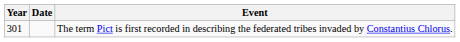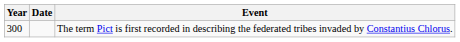 <table class="wikitable">
 <tr>
 <th style="width:6en">Year</th>
 <th style="width:15en">Date</th>
 <th>Event</th>
 </tr>
 <tr>
-<td>301</td>
+<td>300</td>
 <td></td>
 <td>The term <a href='#'>Pict</a> is first recorded in describing the federated tribes invaded by <a href='#'>Constantius Chlorus</a>.</td>
 </tr>
 </table>
